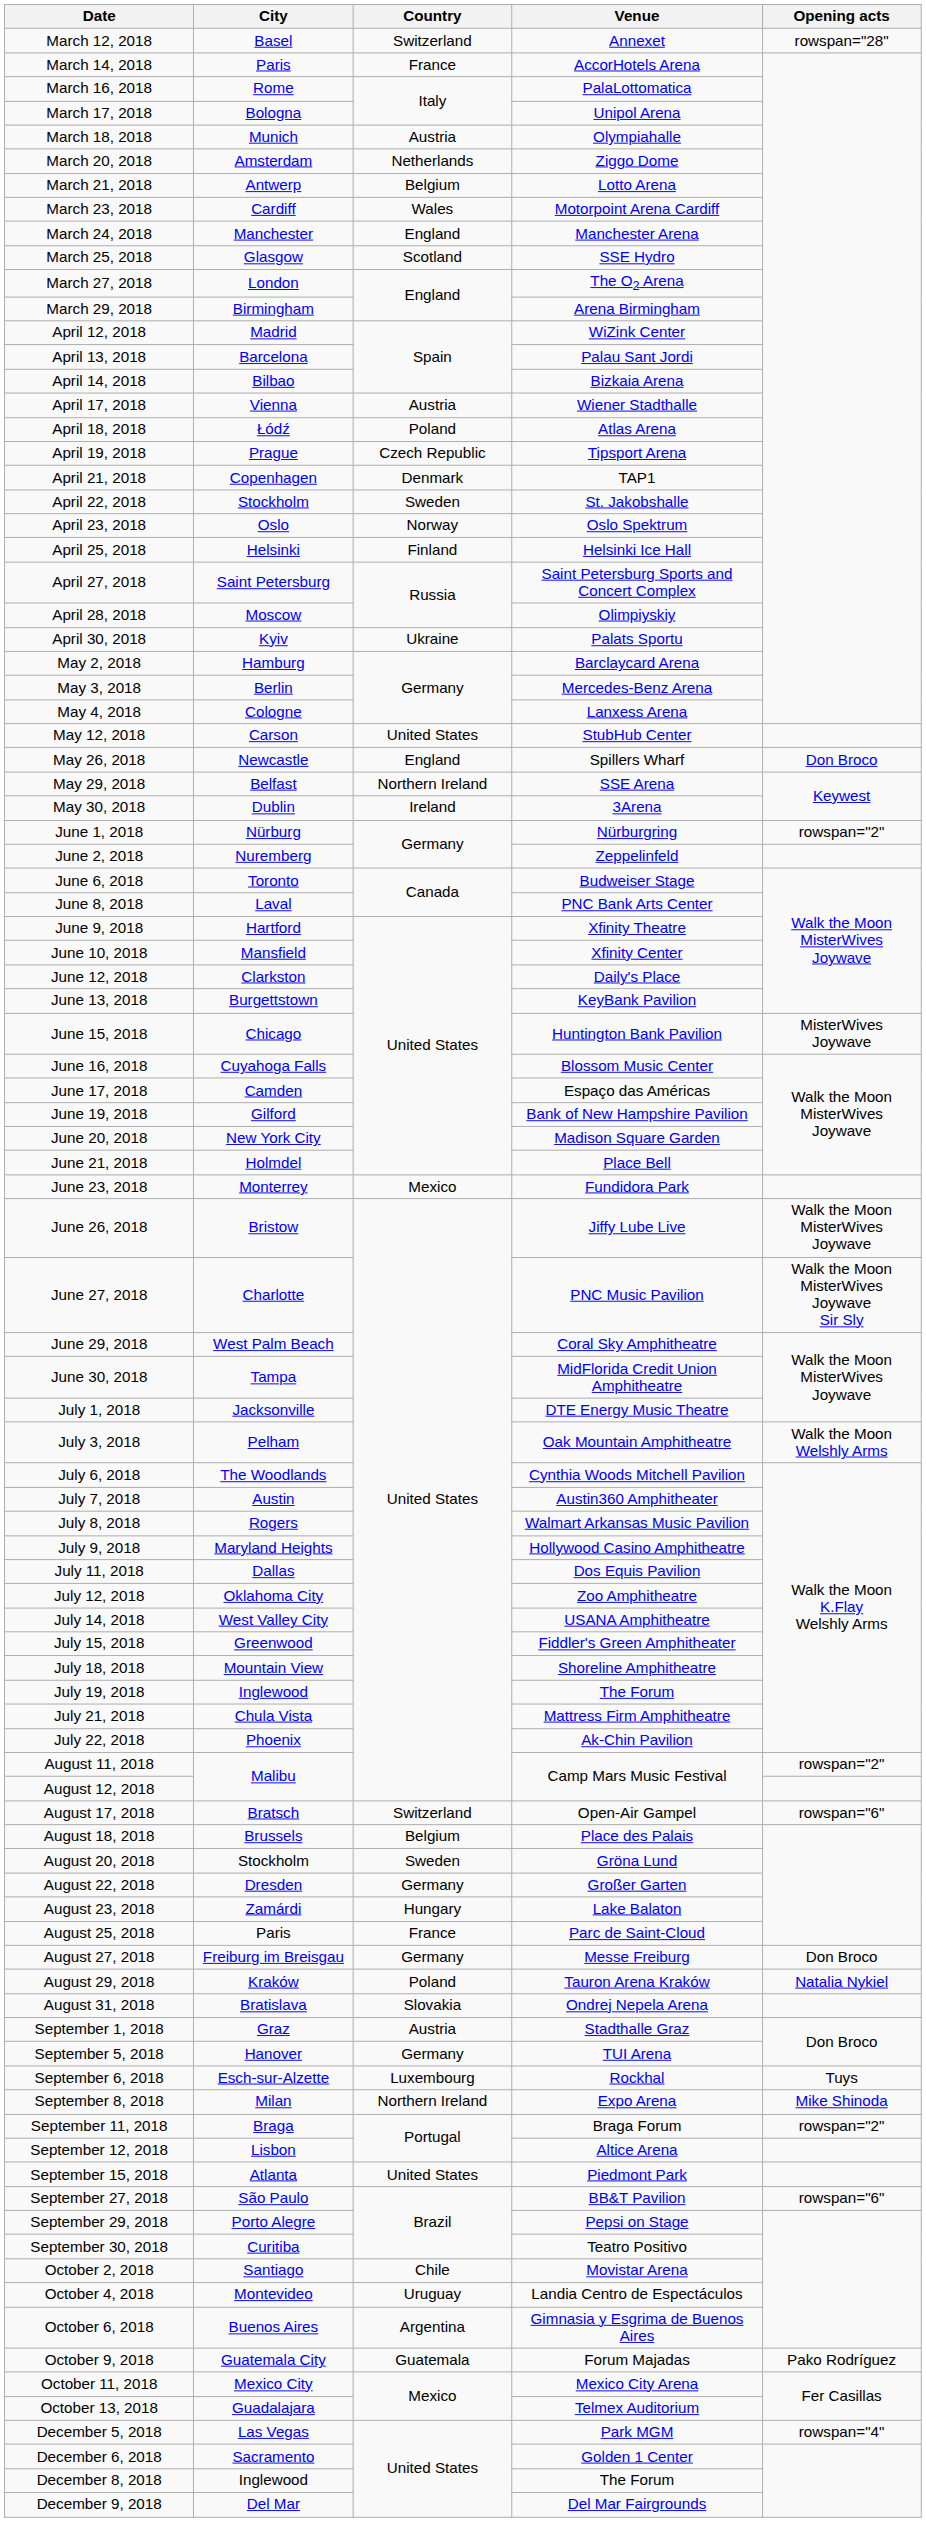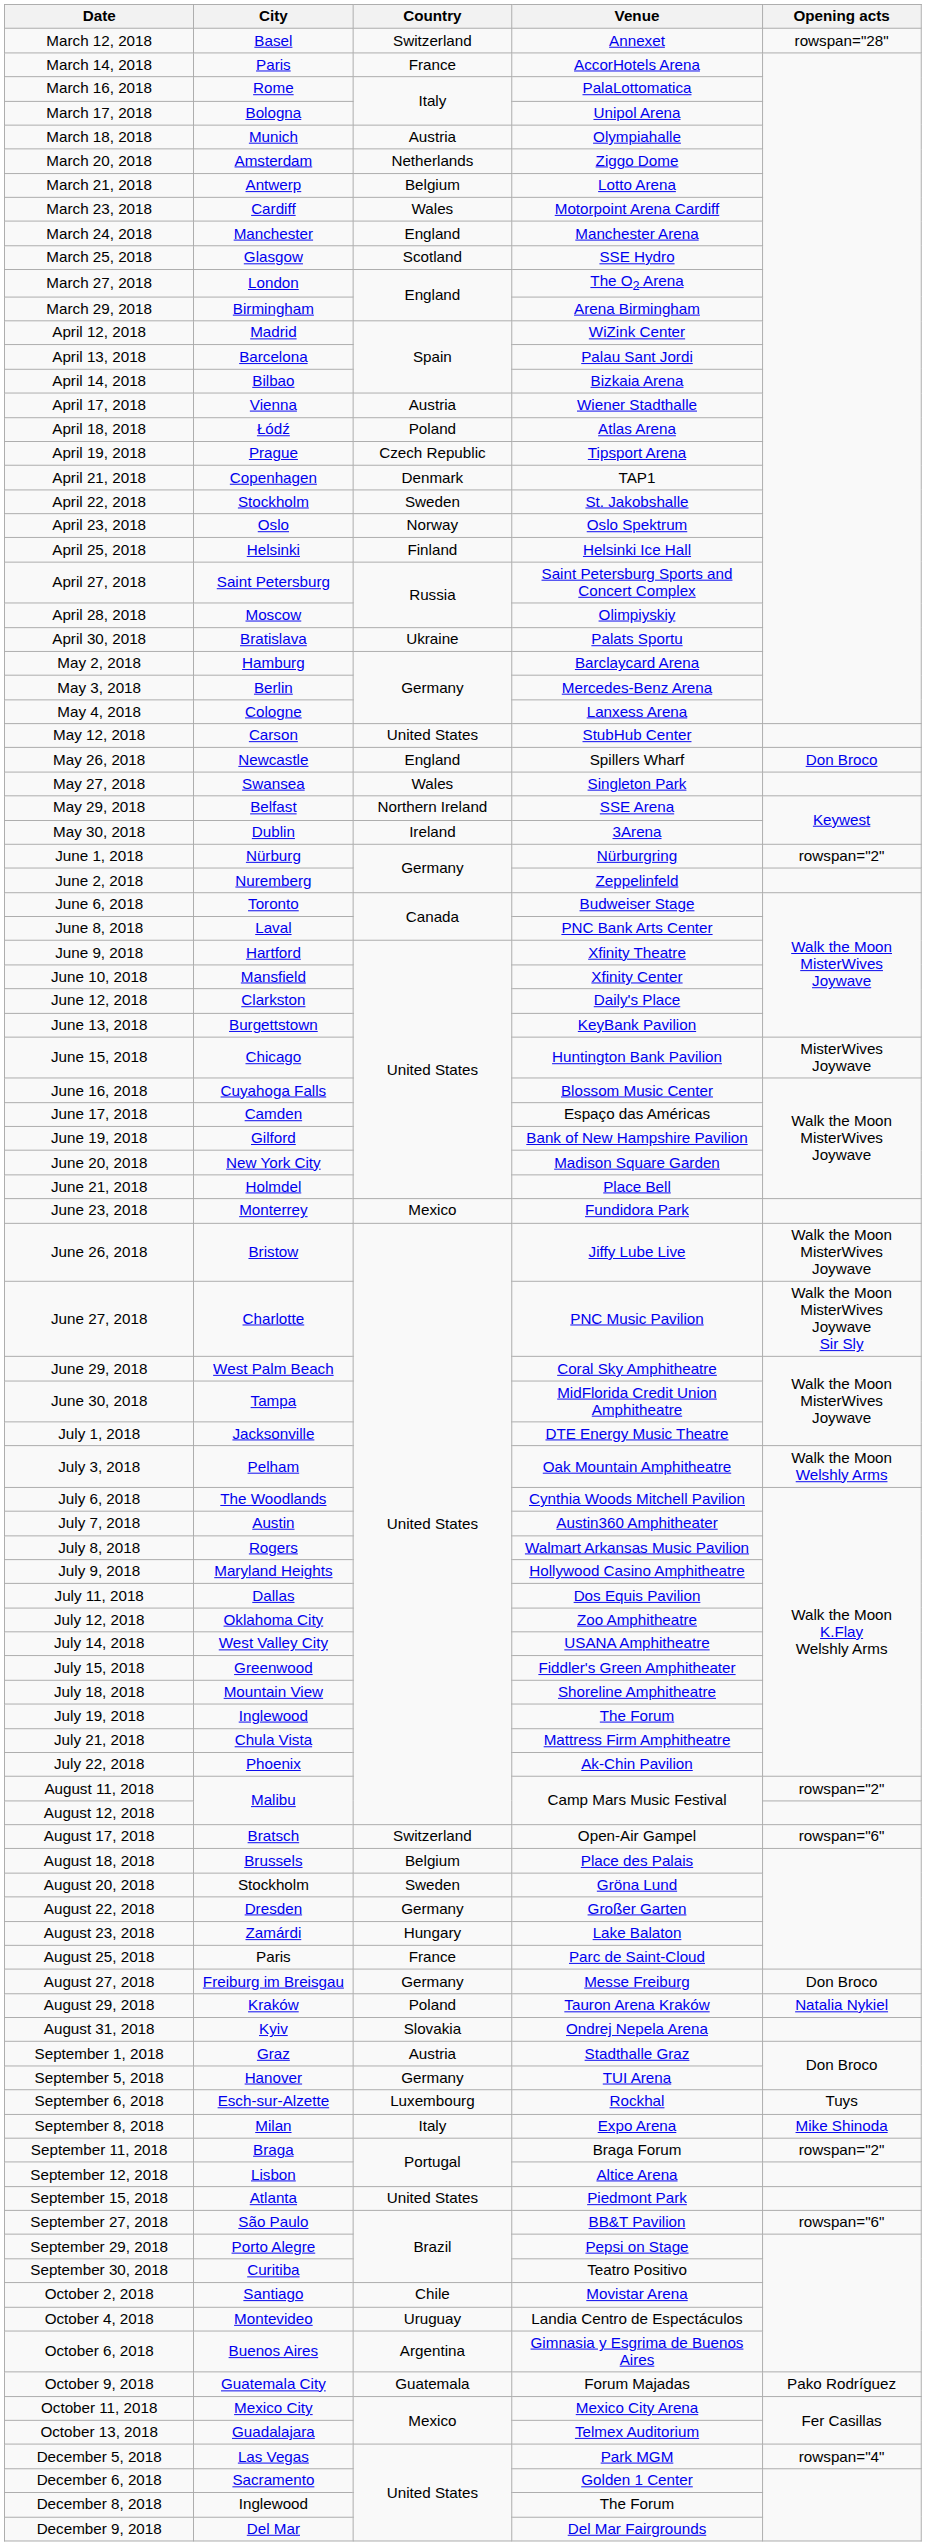 <table class="wikitable" style="text-align:center;">
 <tr>
 <th scope="col" style="width:12em;">Date</th>
 <th scope="col" style="width:10em;">City</th>
 <th scope="col" style="width:10em;">Country</th>
 <th scope="col" style="width:16em;">Venue</th>
 <th scope="col" style="width:10em;">Opening acts</th>
 </tr>
 <tr>
 <td>March 12, 2018</td>
 <td><a href='#'>Basel</a></td>
 <td>Switzerland</td>
 <td><a href='#'>Annexet</a></td>
 <td>rowspan="28" </td>
 </tr>
 <tr>
 <td>March 14, 2018</td>
 <td><a href='#'>Paris</a></td>
 <td>France</td>
 <td><a href='#'>AccorHotels Arena</a></td>
 </tr>
 <tr>
 <td>March 16, 2018</td>
 <td><a href='#'>Rome</a></td>
 <td rowspan="2">Italy</td>
 <td><a href='#'>PalaLottomatica</a></td>
 </tr>
 <tr>
 <td>March 17, 2018</td>
 <td><a href='#'>Bologna</a></td>
 <td><a href='#'>Unipol Arena</a></td>
 </tr>
 <tr>
 <td>March 18, 2018</td>
 <td><a href='#'>Munich</a></td>
 <td>Austria</td>
 <td><a href='#'>Olympiahalle</a></td>
 </tr>
 <tr>
 <td>March 20, 2018</td>
 <td><a href='#'>Amsterdam</a></td>
 <td>Netherlands</td>
 <td><a href='#'>Ziggo Dome</a></td>
 </tr>
 <tr>
 <td>March 21, 2018</td>
 <td><a href='#'>Antwerp</a></td>
 <td>Belgium</td>
 <td><a href='#'>Lotto Arena</a></td>
 </tr>
 <tr>
 <td>March 23, 2018</td>
 <td><a href='#'>Cardiff</a></td>
 <td>Wales</td>
 <td><a href='#'>Motorpoint Arena Cardiff</a></td>
 </tr>
 <tr>
 <td>March 24, 2018</td>
 <td><a href='#'>Manchester</a></td>
 <td>England</td>
 <td><a href='#'>Manchester Arena</a></td>
 </tr>
 <tr>
 <td>March 25, 2018</td>
 <td><a href='#'>Glasgow</a></td>
 <td>Scotland</td>
 <td><a href='#'>SSE Hydro</a></td>
 </tr>
 <tr>
 <td>March 27, 2018</td>
 <td><a href='#'>London</a></td>
 <td rowspan="2">England</td>
 <td><a href='#'>The O<sub>2</sub> Arena</a></td>
 </tr>
 <tr>
 <td>March 29, 2018</td>
 <td><a href='#'>Birmingham</a></td>
 <td><a href='#'>Arena Birmingham</a></td>
 </tr>
 <tr>
 <td>April 12, 2018</td>
 <td><a href='#'>Madrid</a></td>
 <td rowspan="3">Spain</td>
 <td><a href='#'>WiZink Center</a></td>
 </tr>
 <tr>
 <td>April 13, 2018</td>
 <td><a href='#'>Barcelona</a></td>
 <td><a href='#'>Palau Sant Jordi</a></td>
 </tr>
 <tr>
 <td>April 14, 2018</td>
 <td><a href='#'>Bilbao</a></td>
 <td><a href='#'>Bizkaia Arena</a></td>
 </tr>
 <tr>
 <td>April 17, 2018</td>
 <td><a href='#'>Vienna</a></td>
 <td>Austria</td>
 <td><a href='#'>Wiener Stadthalle</a></td>
 </tr>
 <tr>
 <td>April 18, 2018</td>
 <td><a href='#'>Łódź</a></td>
 <td>Poland</td>
 <td><a href='#'>Atlas Arena</a></td>
 </tr>
 <tr>
 <td>April 19, 2018</td>
 <td><a href='#'>Prague</a></td>
 <td>Czech Republic</td>
 <td><a href='#'>Tipsport Arena</a></td>
 </tr>
 <tr>
 <td>April 21, 2018</td>
 <td><a href='#'>Copenhagen</a></td>
 <td>Denmark</td>
 <td>TAP1</td>
 </tr>
 <tr>
 <td>April 22, 2018</td>
 <td><a href='#'>Stockholm</a></td>
 <td>Sweden</td>
 <td><a href='#'>St. Jakobshalle</a></td>
 </tr>
 <tr>
 <td>April 23, 2018</td>
 <td><a href='#'>Oslo</a></td>
 <td>Norway</td>
 <td><a href='#'>Oslo Spektrum</a></td>
 </tr>
 <tr>
 <td>April 25, 2018</td>
 <td><a href='#'>Helsinki</a></td>
 <td>Finland</td>
 <td><a href='#'>Helsinki Ice Hall</a></td>
 </tr>
 <tr>
 <td>April 27, 2018</td>
 <td><a href='#'>Saint Petersburg</a></td>
 <td rowspan="2">Russia</td>
 <td><a href='#'>Saint Petersburg Sports and Concert Complex</a></td>
 </tr>
 <tr>
 <td>April 28, 2018</td>
 <td><a href='#'>Moscow</a></td>
 <td><a href='#'>Olimpiyskiy</a></td>
 </tr>
 <tr>
 <td>April 30, 2018</td>
-<td><a href='#'>Kyiv</a></td>
+<td><a href='#'>Bratislava</a></td>
 <td>Ukraine</td>
 <td><a href='#'>Palats Sportu</a></td>
 </tr>
 <tr>
 <td>May 2, 2018</td>
 <td><a href='#'>Hamburg</a></td>
 <td rowspan="3">Germany</td>
 <td><a href='#'>Barclaycard Arena</a></td>
 </tr>
 <tr>
 <td>May 3, 2018</td>
 <td><a href='#'>Berlin</a></td>
 <td><a href='#'>Mercedes-Benz Arena</a></td>
 </tr>
 <tr>
 <td>May 4, 2018</td>
 <td><a href='#'>Cologne</a></td>
 <td><a href='#'>Lanxess Arena</a></td>
 </tr>
 <tr>
 <td>May 12, 2018</td>
 <td><a href='#'>Carson</a></td>
 <td>United States</td>
 <td><a href='#'>StubHub Center</a></td>
 <td></td>
 </tr>
 <tr>
 <td>May 26, 2018</td>
 <td><a href='#'>Newcastle</a></td>
 <td>England</td>
 <td>Spillers Wharf</td>
 <td><a href='#'>Don Broco</a></td>
+</tr>
+<tr>
+<td>May 27, 2018</td>
+<td><a href='#'>Swansea</a></td>
+<td>Wales</td>
+<td><a href='#'>Singleton Park</a></td>
+<td></td>
 </tr>
 <tr>
 <td>May 29, 2018</td>
 <td><a href='#'>Belfast</a></td>
 <td>Northern Ireland</td>
 <td><a href='#'>SSE Arena</a></td>
 <td rowspan="2"><a href='#'>Keywest</a></td>
 </tr>
 <tr>
 <td>May 30, 2018</td>
 <td><a href='#'>Dublin</a></td>
 <td>Ireland</td>
 <td><a href='#'>3Arena</a></td>
 </tr>
 <tr>
 <td>June 1, 2018</td>
 <td><a href='#'>Nürburg</a></td>
 <td rowspan="2">Germany</td>
 <td><a href='#'>Nürburgring</a></td>
 <td>rowspan="2" </td>
 </tr>
 <tr>
 <td>June 2, 2018</td>
 <td><a href='#'>Nuremberg</a></td>
 <td><a href='#'>Zeppelinfeld</a></td>
 </tr>
 <tr>
 <td>June 6, 2018</td>
 <td><a href='#'>Toronto</a></td>
 <td rowspan="2">Canada</td>
 <td><a href='#'>Budweiser Stage</a></td>
 <td rowspan="6"><a href='#'>Walk the Moon</a><br><a href='#'>MisterWives</a><br><a href='#'>Joywave</a></td>
 </tr>
 <tr>
 <td>June 8, 2018</td>
 <td><a href='#'>Laval</a></td>
 <td><a href='#'>PNC Bank Arts Center</a></td>
 </tr>
 <tr>
 <td>June 9, 2018</td>
 <td><a href='#'>Hartford</a></td>
 <td rowspan="10">United States</td>
 <td><a href='#'>Xfinity Theatre</a></td>
 </tr>
 <tr>
 <td>June 10, 2018</td>
 <td><a href='#'>Mansfield</a></td>
 <td><a href='#'>Xfinity Center</a></td>
 </tr>
 <tr>
 <td>June 12, 2018</td>
 <td><a href='#'>Clarkston</a></td>
 <td><a href='#'>Daily's Place</a></td>
 </tr>
 <tr>
 <td>June 13, 2018</td>
 <td><a href='#'>Burgettstown</a></td>
 <td><a href='#'>KeyBank Pavilion</a></td>
 </tr>
 <tr>
 <td>June 15, 2018</td>
 <td><a href='#'>Chicago</a></td>
 <td><a href='#'>Huntington Bank Pavilion</a></td>
 <td>MisterWives<br>Joywave</td>
 </tr>
 <tr>
 <td>June 16, 2018</td>
 <td><a href='#'>Cuyahoga Falls</a></td>
 <td><a href='#'>Blossom Music Center</a></td>
 <td rowspan="5">Walk the Moon<br>MisterWives<br>Joywave</td>
 </tr>
 <tr>
 <td>June 17, 2018</td>
 <td><a href='#'>Camden</a></td>
 <td>Espaço das Américas</td>
 </tr>
 <tr>
 <td>June 19, 2018</td>
 <td><a href='#'>Gilford</a></td>
 <td><a href='#'>Bank of New Hampshire Pavilion</a></td>
 </tr>
 <tr>
 <td>June 20, 2018</td>
 <td><a href='#'>New York City</a></td>
 <td><a href='#'>Madison Square Garden</a></td>
 </tr>
 <tr>
 <td>June 21, 2018</td>
 <td><a href='#'>Holmdel</a></td>
 <td><a href='#'>Place Bell</a></td>
 </tr>
 <tr>
 <td>June 23, 2018</td>
 <td><a href='#'>Monterrey</a></td>
 <td>Mexico</td>
 <td><a href='#'>Fundidora Park</a></td>
 <td></td>
 </tr>
 <tr>
 <td>June 26, 2018</td>
 <td><a href='#'>Bristow</a></td>
 <td rowspan="20">United States</td>
 <td><a href='#'>Jiffy Lube Live</a></td>
 <td>Walk the Moon<br>MisterWives<br>Joywave</td>
 </tr>
 <tr>
 <td>June 27, 2018</td>
 <td><a href='#'>Charlotte</a></td>
 <td><a href='#'>PNC Music Pavilion</a></td>
 <td>Walk the Moon<br>MisterWives<br>Joywave<br><a href='#'>Sir Sly</a></td>
 </tr>
 <tr>
 <td>June 29, 2018</td>
 <td><a href='#'>West Palm Beach</a></td>
 <td><a href='#'>Coral Sky Amphitheatre</a></td>
 <td rowspan="3">Walk the Moon<br>MisterWives<br>Joywave</td>
 </tr>
 <tr>
 <td>June 30, 2018</td>
 <td><a href='#'>Tampa</a></td>
 <td><a href='#'>MidFlorida Credit Union Amphitheatre</a></td>
 </tr>
 <tr>
 <td>July 1, 2018</td>
 <td><a href='#'>Jacksonville</a></td>
 <td><a href='#'>DTE Energy Music Theatre</a></td>
 </tr>
 <tr>
 <td>July 3, 2018</td>
 <td><a href='#'>Pelham</a></td>
 <td><a href='#'>Oak Mountain Amphitheatre</a></td>
 <td>Walk the Moon<br><a href='#'>Welshly Arms</a></td>
 </tr>
 <tr>
 <td>July 6, 2018</td>
 <td><a href='#'>The Woodlands</a></td>
 <td><a href='#'>Cynthia Woods Mitchell Pavilion</a></td>
 <td rowspan="12">Walk the Moon<br><a href='#'>K.Flay</a><br>Welshly Arms</td>
 </tr>
 <tr>
 <td>July 7, 2018</td>
 <td><a href='#'>Austin</a></td>
 <td><a href='#'>Austin360 Amphitheater</a></td>
 </tr>
 <tr>
 <td>July 8, 2018</td>
 <td><a href='#'>Rogers</a></td>
 <td><a href='#'>Walmart Arkansas Music Pavilion</a></td>
 </tr>
 <tr>
 <td>July 9, 2018</td>
 <td><a href='#'>Maryland Heights</a></td>
 <td><a href='#'>Hollywood Casino Amphitheatre</a></td>
 </tr>
 <tr>
 <td>July 11, 2018</td>
 <td><a href='#'>Dallas</a></td>
 <td><a href='#'>Dos Equis Pavilion</a></td>
 </tr>
 <tr>
 <td>July 12, 2018</td>
 <td><a href='#'>Oklahoma City</a></td>
 <td><a href='#'>Zoo Amphitheatre</a></td>
 </tr>
 <tr>
 <td>July 14, 2018</td>
 <td><a href='#'>West Valley City</a></td>
 <td><a href='#'>USANA Amphitheatre</a></td>
 </tr>
 <tr>
 <td>July 15, 2018</td>
 <td><a href='#'>Greenwood</a></td>
 <td><a href='#'>Fiddler's Green Amphitheater</a></td>
 </tr>
 <tr>
 <td>July 18, 2018</td>
 <td><a href='#'>Mountain View</a></td>
 <td><a href='#'>Shoreline Amphitheatre</a></td>
 </tr>
 <tr>
 <td>July 19, 2018</td>
 <td><a href='#'>Inglewood</a></td>
 <td><a href='#'>The Forum</a></td>
 </tr>
 <tr>
 <td>July 21, 2018</td>
 <td><a href='#'>Chula Vista</a></td>
 <td><a href='#'>Mattress Firm Amphitheatre</a></td>
 </tr>
 <tr>
 <td>July 22, 2018</td>
 <td><a href='#'>Phoenix</a></td>
 <td><a href='#'>Ak-Chin Pavilion</a></td>
 </tr>
 <tr>
 <td>August 11, 2018</td>
 <td rowspan="2"><a href='#'>Malibu</a></td>
 <td rowspan="2">Camp Mars Music Festival</td>
 <td>rowspan="2" </td>
 </tr>
 <tr>
 <td>August 12, 2018</td>
 </tr>
 <tr>
 <td>August 17, 2018</td>
 <td><a href='#'>Bratsch</a></td>
 <td>Switzerland</td>
 <td>Open-Air Gampel</td>
 <td>rowspan="6" </td>
 </tr>
 <tr>
 <td>August 18, 2018</td>
 <td><a href='#'>Brussels</a></td>
 <td>Belgium</td>
 <td><a href='#'>Place des Palais</a></td>
 </tr>
 <tr>
 <td>August 20, 2018</td>
 <td>Stockholm</td>
 <td>Sweden</td>
 <td><a href='#'>Gröna Lund</a></td>
 </tr>
 <tr>
 <td>August 22, 2018</td>
 <td><a href='#'>Dresden</a></td>
 <td>Germany</td>
 <td><a href='#'>Großer Garten</a></td>
 </tr>
 <tr>
 <td>August 23, 2018</td>
 <td><a href='#'>Zamárdi</a></td>
 <td>Hungary</td>
 <td><a href='#'>Lake Balaton</a></td>
 </tr>
 <tr>
 <td>August 25, 2018</td>
 <td>Paris</td>
 <td>France</td>
 <td><a href='#'>Parc de Saint-Cloud</a></td>
 </tr>
 <tr>
 <td>August 27, 2018</td>
 <td><a href='#'>Freiburg im Breisgau</a></td>
 <td>Germany</td>
 <td><a href='#'>Messe Freiburg</a></td>
 <td>Don Broco</td>
 </tr>
 <tr>
 <td>August 29, 2018</td>
 <td><a href='#'>Kraków</a></td>
 <td>Poland</td>
 <td><a href='#'>Tauron Arena Kraków</a></td>
 <td><a href='#'>Natalia Nykiel</a></td>
 </tr>
 <tr>
 <td>August 31, 2018</td>
-<td><a href='#'>Bratislava</a></td>
+<td><a href='#'>Kyiv</a></td>
 <td>Slovakia</td>
 <td><a href='#'>Ondrej Nepela Arena</a></td>
 <td></td>
 </tr>
 <tr>
 <td>September 1, 2018</td>
 <td><a href='#'>Graz</a></td>
 <td>Austria</td>
 <td><a href='#'>Stadthalle Graz</a></td>
 <td rowspan="2">Don Broco</td>
 </tr>
 <tr>
 <td>September 5, 2018</td>
 <td><a href='#'>Hanover</a></td>
 <td>Germany</td>
 <td><a href='#'>TUI Arena</a></td>
 </tr>
 <tr>
 <td>September 6, 2018</td>
 <td><a href='#'>Esch-sur-Alzette</a></td>
 <td>Luxembourg</td>
 <td><a href='#'>Rockhal</a></td>
 <td>Tuys</td>
 </tr>
 <tr>
 <td>September 8, 2018</td>
 <td><a href='#'>Milan</a></td>
-<td>Northern Ireland</td>
+<td>Italy</td>
 <td><a href='#'>Expo Arena</a></td>
 <td><a href='#'>Mike Shinoda</a></td>
 </tr>
 <tr>
 <td>September 11, 2018</td>
 <td><a href='#'>Braga</a></td>
 <td rowspan="2">Portugal</td>
 <td>Braga Forum</td>
 <td>rowspan="2" </td>
 </tr>
 <tr>
 <td>September 12, 2018</td>
 <td><a href='#'>Lisbon</a></td>
 <td><a href='#'>Altice Arena</a></td>
 </tr>
 <tr>
 <td>September 15, 2018</td>
 <td><a href='#'>Atlanta</a></td>
 <td>United States</td>
 <td><a href='#'>Piedmont Park</a></td>
 <td></td>
 </tr>
 <tr>
 <td>September 27, 2018</td>
 <td><a href='#'>São Paulo</a></td>
 <td rowspan="3">Brazil</td>
 <td><a href='#'>BB&T Pavilion</a></td>
 <td>rowspan="6" </td>
 </tr>
 <tr>
 <td>September 29, 2018</td>
 <td><a href='#'>Porto Alegre</a></td>
 <td><a href='#'>Pepsi on Stage</a></td>
 </tr>
 <tr>
 <td>September 30, 2018</td>
 <td><a href='#'>Curitiba</a></td>
 <td>Teatro Positivo</td>
 </tr>
 <tr>
 <td>October 2, 2018</td>
 <td><a href='#'>Santiago</a></td>
 <td>Chile</td>
 <td><a href='#'>Movistar Arena</a></td>
 </tr>
 <tr>
 <td>October 4, 2018</td>
 <td><a href='#'>Montevideo</a></td>
 <td>Uruguay</td>
 <td>Landia Centro de Espectáculos</td>
 </tr>
 <tr>
 <td>October 6, 2018</td>
 <td><a href='#'>Buenos Aires</a></td>
 <td>Argentina</td>
 <td><a href='#'>Gimnasia y Esgrima de Buenos Aires</a></td>
 </tr>
 <tr>
 <td>October 9, 2018</td>
 <td><a href='#'>Guatemala City</a></td>
 <td>Guatemala</td>
 <td>Forum Majadas</td>
 <td>Pako Rodríguez</td>
 </tr>
 <tr>
 <td>October 11, 2018</td>
 <td><a href='#'>Mexico City</a></td>
 <td rowspan="2">Mexico</td>
 <td><a href='#'>Mexico City Arena</a></td>
 <td rowspan="2">Fer Casillas</td>
 </tr>
 <tr>
 <td>October 13, 2018</td>
 <td><a href='#'>Guadalajara</a></td>
 <td><a href='#'>Telmex Auditorium</a></td>
 </tr>
 <tr>
 <td>December 5, 2018</td>
 <td><a href='#'>Las Vegas</a></td>
 <td rowspan="4">United States</td>
 <td><a href='#'>Park MGM</a></td>
 <td>rowspan="4" </td>
 </tr>
 <tr>
 <td>December 6, 2018</td>
 <td><a href='#'>Sacramento</a></td>
 <td><a href='#'>Golden 1 Center</a></td>
 </tr>
 <tr>
 <td>December 8, 2018</td>
 <td>Inglewood</td>
 <td>The Forum</td>
 </tr>
 <tr>
 <td>December 9, 2018</td>
 <td><a href='#'>Del Mar</a></td>
 <td><a href='#'>Del Mar Fairgrounds</a></td>
 </tr>
 </table>
